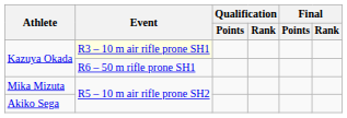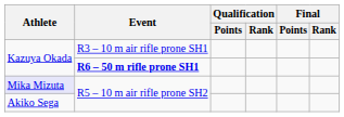 <table class="wikitable" style="font-size:90%">
 <tr>
 <th rowspan="2">Athlete</th>
 <th rowspan="2">Event</th>
 <th colspan="2">Qualification</th>
 <th colspan="2">Final</th>
 </tr>
 <tr style="font-size:95%">
 <th>Points</th>
 <th>Rank</th>
 <th>Points</th>
 <th>Rank</th>
 </tr>
 <tr align=center>
 <td align=left rowspan=2><a href='#'>Kazuya Okada</a></td>
-<td align=left style="background: lightyellow;"><a href='#'>R3 – 10 m air rifle prone SH1</a></td>
+<td align=left><a href='#'>R3 – 10 m air rifle prone SH1</a></td>
 <td></td>
 <td></td>
 <td></td>
 <td></td>
 </tr>
 <tr align=center>
-<td align=left><a href='#'>R6 – 50 m rifle prone SH1</a></td>
+<td align=left><strong><a href='#'>R6 – 50 m rifle prone SH1</a></strong></td>
 <td></td>
 <td></td>
 <td></td>
 <td></td>
 </tr>
 <tr align=center>
-<td align=left><a href='#'>Mika Mizuta</a></td>
+<td align=left style="background: lavender;"><a href='#'>Mika Mizuta</a></td>
 <td align=left rowspan=2><a href='#'>R5 – 10 m air rifle prone SH2</a></td>
 <td></td>
 <td></td>
 <td></td>
 <td></td>
 </tr>
 <tr align=center>
 <td align=left><a href='#'>Akiko Sega</a></td>
 <td></td>
 <td></td>
 <td></td>
 <td></td>
 </tr>
 </table>
